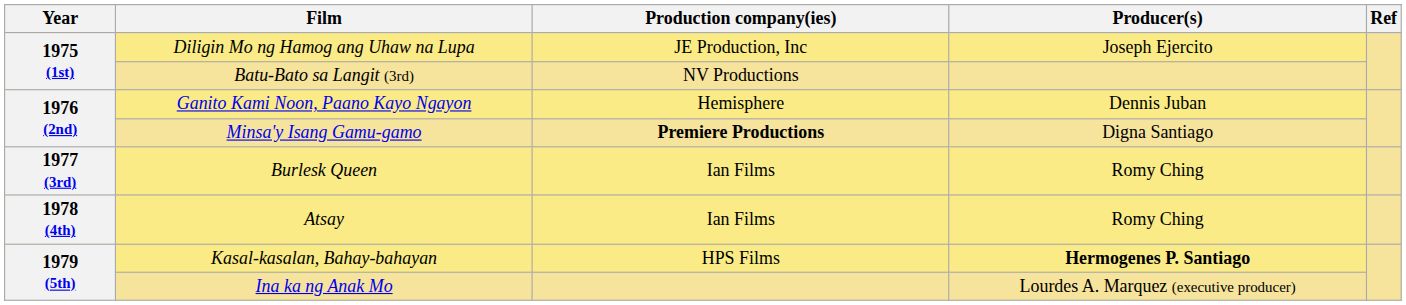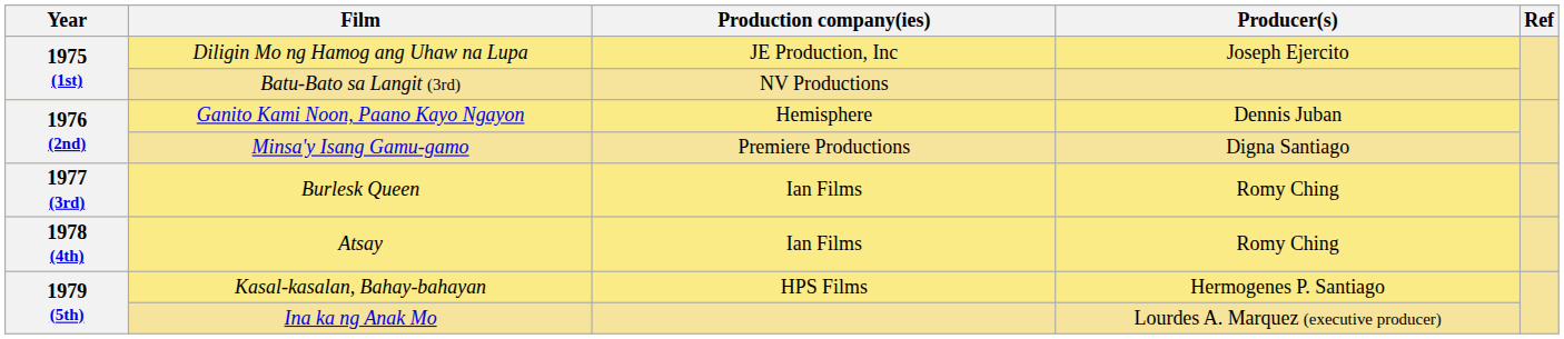 <table class="wikitable" rowspan="2" style="text-align:center; background: #f6e39c">
 <tr style="background:#bebebe;">
 <th scope="col" style="width:8%;">Year</th>
 <th scope="col" style="width:30%;">Film</th>
 <th scope="col" style="width:30%;">Production company(ies)</th>
 <th scope="col" style="width:30%;">Producer(s)</th>
 <th scope="col" style="width:2%;">Ref</th>
 </tr>
 <tr>
 <th scope="row" style="text-align:center" rowspan=2>1975 <br><small><a href='#'>(1st)</a> </small></th>
 <td style="background:#FAEB86"><em>Diligin Mo ng Hamog ang Uhaw na Lupa</em></td>
 <td style="background:#FAEB86">JE Production, Inc</td>
 <td style="background:#FAEB86">Joseph Ejercito</td>
 <td rowspan=2></td>
 </tr>
 <tr>
 <td><em>Batu-Bato sa Langit</em> <small>(3rd)</small></td>
 <td>NV Productions</td>
 <td></td>
 </tr>
 <tr>
 <th scope="row" style="text-align:center" rowspan=2>1976 <br><small><a href='#'>(2nd)</a> </small></th>
 <td style="background:#FAEB86"><em><a href='#'>Ganito Kami Noon, Paano Kayo Ngayon</a></em></td>
 <td style="background:#FAEB86">Hemisphere</td>
 <td style="background:#FAEB86">Dennis Juban</td>
 <td rowspan="2"></td>
 </tr>
 <tr>
 <td><em><a href='#'>Minsa'y Isang Gamu-gamo</a></em></td>
-<td><strong>Premiere Productions</strong></td>
+<td>Premiere Productions</td>
 <td>Digna Santiago</td>
 </tr>
 <tr>
 <th scope="row" style="text-align:center">1977 <br><small><a href='#'>(3rd)</a> </small></th>
 <td style="background:#FAEB86"><em>Burlesk Queen</em></td>
 <td style="background:#FAEB86">Ian Films</td>
 <td style="background:#FAEB86">Romy Ching</td>
 <td></td>
 </tr>
 <tr>
 <th scope="row" style="text-align:center">1978 <br><small><a href='#'>(4th)</a> </small></th>
 <td style="background:#FAEB86"><em>Atsay</em></td>
 <td style="background:#FAEB86">Ian Films</td>
 <td style="background:#FAEB86">Romy Ching</td>
 <td></td>
 </tr>
 <tr>
 <th scope="row" style="text-align:center" rowspan=2>1979 <br><small><a href='#'>(5th)</a> </small></th>
 <td style="background:#FAEB86"><em>Kasal-kasalan, Bahay-bahayan</em></td>
 <td style="background:#FAEB86">HPS Films</td>
-<td style="background:#FAEB86"><strong>Hermogenes P. Santiago</strong></td>
+<td style="background:#FAEB86">Hermogenes P. Santiago</td>
 <td rowspan="2"></td>
 </tr>
 <tr>
 <td><em><a href='#'>Ina ka ng Anak Mo</a></em></td>
 <td></td>
 <td>Lourdes A. Marquez <small>(executive producer)</small></td>
 </tr>
 </table>
